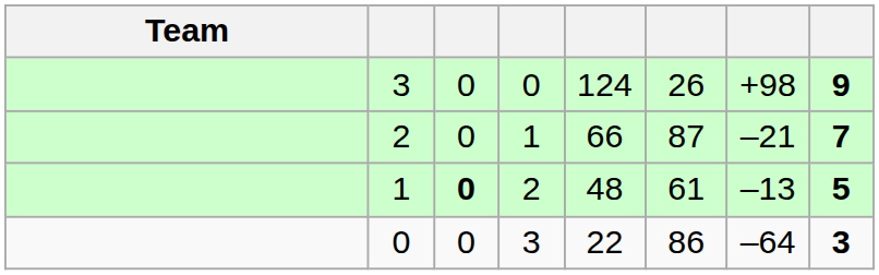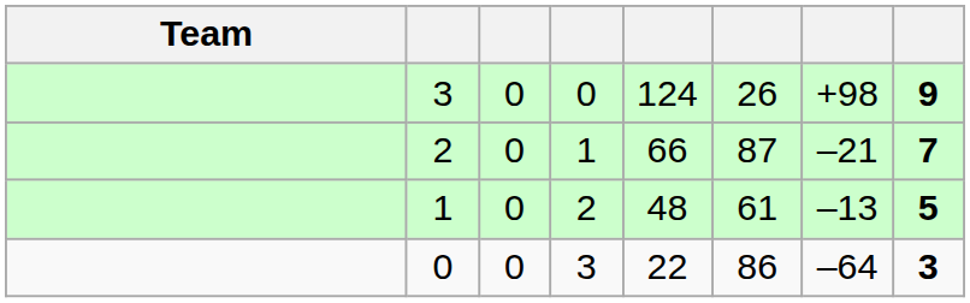 <table class="wikitable" style="text-align:center;">
 <tr>
 <th style="width:10.5em;">Team</th>
 <th style="width:1.5em;"></th>
 <th style="width:1.5em;"></th>
 <th style="width:1.5em;"></th>
 <th style="width:2.0em;"></th>
 <th style="width:2.0em;"></th>
 <th style="width:2.0em;"></th>
 <th style="width:1.5em;"></th>
 </tr>
 <tr bgcolor=#cfc>
 <td align="left"></td>
 <td>3</td>
 <td>0</td>
 <td>0</td>
 <td>124</td>
 <td>26</td>
 <td>+98</td>
 <td><strong>9</strong></td>
 </tr>
 <tr bgcolor=#cfc>
 <td align="left"></td>
 <td>2</td>
 <td>0</td>
 <td>1</td>
 <td>66</td>
 <td>87</td>
 <td>–21</td>
 <td><strong>7</strong></td>
 </tr>
 <tr bgcolor=#cfc>
 <td align="left"></td>
 <td>1</td>
-<td><strong>0</strong></td>
+<td>0</td>
 <td>2</td>
 <td>48</td>
 <td>61</td>
 <td>–13</td>
 <td><strong>5</strong></td>
 </tr>
 <tr>
 <td align="left"></td>
 <td>0</td>
 <td>0</td>
 <td>3</td>
 <td>22</td>
 <td>86</td>
 <td>–64</td>
 <td><strong>3</strong></td>
 </tr>
 </table>
